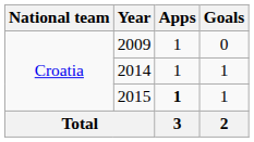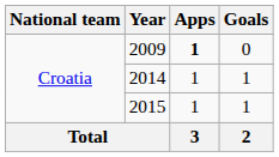 <table class="wikitable" style="text-align:center">
 <tr>
 <th>National team</th>
 <th>Year</th>
 <th>Apps</th>
 <th>Goals</th>
 </tr>
 <tr>
 <td rowspan="3"><a href='#'>Croatia</a></td>
 <td>2009</td>
-<td>1</td>
+<td><strong>1</strong></td>
 <td>0</td>
 </tr>
 <tr>
 <td>2014</td>
 <td>1</td>
 <td>1</td>
 </tr>
 <tr>
 <td>2015</td>
-<td><strong>1</strong></td>
+<td>1</td>
 <td>1</td>
 </tr>
 <tr>
 <th colspan="2">Total</th>
 <th>3</th>
 <th>2</th>
 </tr>
 </table>
